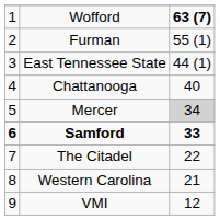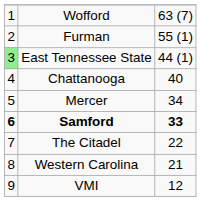 <table class="wikitable" style="display: inline-table;">
 <tr align="center">
 </tr>
 <tr align="center">
 <td>1</td>
 <td>Wofford</td>
-<td><strong>63 (7)</strong></td>
+<td>63 (7)</td>
 </tr>
 <tr align="center">
 <td>2</td>
 <td>Furman</td>
 <td>55 (1)</td>
 </tr>
 <tr align="center">
-<td>3</td>
+<td style="background: lightgreen;">3</td>
 <td>East Tennessee State</td>
 <td>44 (1)</td>
 </tr>
 <tr align="center">
 <td>4</td>
 <td>Chattanooga</td>
 <td>40</td>
 </tr>
 <tr align="center">
 <td>5</td>
 <td>Mercer</td>
-<td style="background: lightgrey;">34</td>
+<td>34</td>
 </tr>
 <tr align="center">
 <td><strong>6</strong></td>
 <td><strong>Samford</strong></td>
 <td><strong>33</strong></td>
 </tr>
 <tr align="center">
 <td>7</td>
 <td>The Citadel</td>
 <td>22</td>
 </tr>
 <tr align="center">
 <td>8</td>
 <td>Western Carolina</td>
 <td>21</td>
 </tr>
 <tr align="center">
 <td>9</td>
 <td>VMI</td>
 <td>12</td>
 </tr>
 </table>
